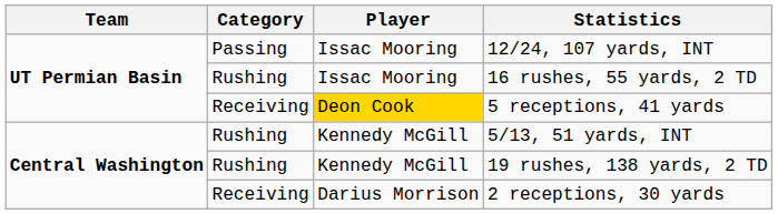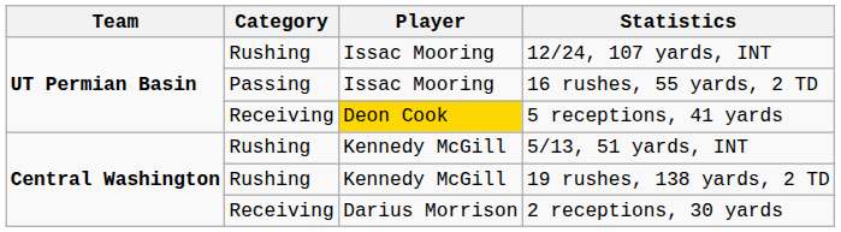 <table class="wikitable" style="float: right;">
 <tr>
 <th>Team</th>
 <th>Category</th>
 <th>Player</th>
 <th>Statistics</th>
 </tr>
 <tr>
 <td rowspan=3><strong>UT Permian Basin</strong></td>
-<td>Passing</td>
+<td>Rushing</td>
 <td>Issac Mooring</td>
 <td>12/24, 107 yards, INT</td>
 </tr>
 <tr>
-<td>Rushing</td>
+<td>Passing</td>
 <td>Issac Mooring</td>
 <td>16 rushes, 55 yards, 2 TD</td>
 </tr>
 <tr>
 <td>Receiving</td>
 <td style="background: gold;">Deon Cook</td>
 <td>5 receptions, 41 yards</td>
 </tr>
 <tr>
 <td rowspan=3><strong>Central Washington</strong></td>
 <td>Rushing</td>
 <td>Kennedy McGill</td>
 <td>5/13, 51 yards, INT</td>
 </tr>
 <tr>
 <td>Rushing</td>
 <td>Kennedy McGill</td>
 <td>19 rushes, 138 yards, 2 TD</td>
 </tr>
 <tr>
 <td>Receiving</td>
 <td>Darius Morrison</td>
 <td>2 receptions, 30 yards</td>
 </tr>
 </table>
